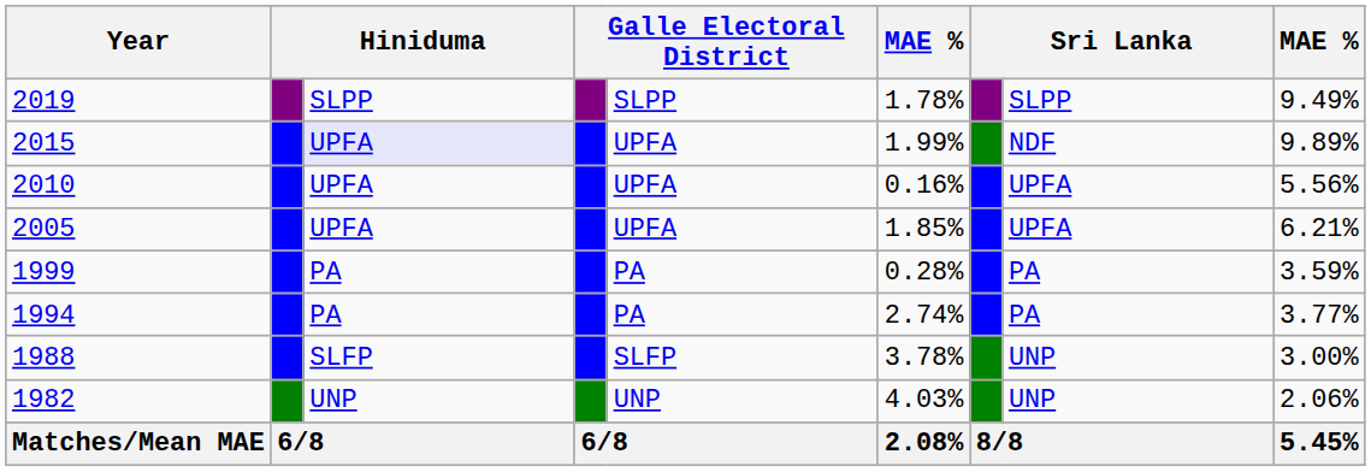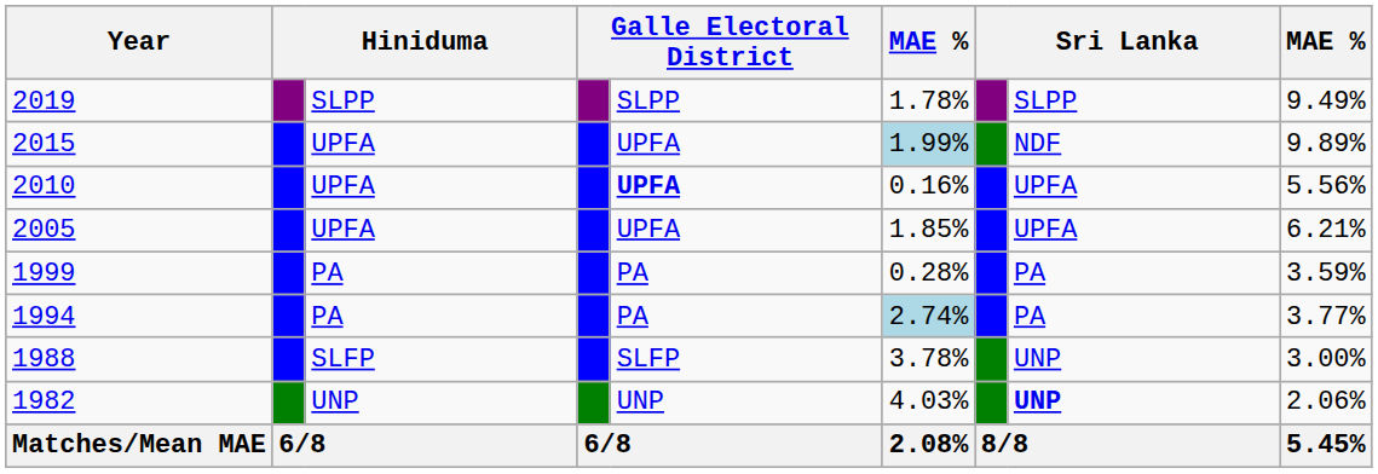 <table class="wikitable">
 <tr>
 <th>Year</th>
 <th colspan="2" width="144px">Hiniduma</th>
 <th colspan="2" width="144px"><a href='#'>Galle Electoral District</a></th>
 <th><a href='#'>MAE</a> %</th>
 <th colspan="2" width="144px">Sri Lanka</th>
 <th>MAE %</th>
 </tr>
 <tr>
 <td><a href='#'>2019</a></td>
 <td style="background-color:purple;" width="10px"></td>
 <td style="text-align:left;"><a href='#'>SLPP</a></td>
 <td style="background-color:purple;" width="10px"></td>
 <td style="text-align:left;"><a href='#'>SLPP</a></td>
 <td style="text-align:right;">1.78%</td>
 <td style="background-color:purple;" width="10px"></td>
 <td style="text-align:left;"><a href='#'>SLPP</a></td>
 <td style="text-align:right;">9.49%</td>
 </tr>
 <tr>
 <td><a href='#'>2015</a></td>
 <td style="background-color:blue;" width="10px"></td>
-<td style="background: lavender; text-align:left;"><a href='#'>UPFA</a></td>
+<td style="text-align:left;"><a href='#'>UPFA</a></td>
 <td style="background-color:blue;" width="10px"></td>
 <td style="text-align:left;"><a href='#'>UPFA</a></td>
-<td style="text-align:right;">1.99%</td>
+<td style="background: lightblue; text-align:right;">1.99%</td>
 <td style="background-color:green;" width="10px"></td>
 <td style="text-align:left;"><a href='#'>NDF</a></td>
 <td style="text-align:right;">9.89%</td>
 </tr>
 <tr>
 <td><a href='#'>2010</a></td>
 <td style="background-color:blue;" width="10px"></td>
 <td style="text-align:left;"><a href='#'>UPFA</a></td>
 <td style="background-color:blue;" width="10px"></td>
-<td style="text-align:left;"><a href='#'>UPFA</a></td>
+<td style="text-align:left;"><strong><a href='#'>UPFA</a></strong></td>
 <td style="text-align:right;">0.16%</td>
 <td style="background-color:blue;" width="10px"></td>
 <td style="text-align:left;"><a href='#'>UPFA</a></td>
 <td style="text-align:right;">5.56%</td>
 </tr>
 <tr>
 <td><a href='#'>2005</a></td>
 <td style="background-color:blue;" width="10px"></td>
 <td style="text-align:left;"><a href='#'>UPFA</a></td>
 <td style="background-color:blue;" width="10px"></td>
 <td style="text-align:left;"><a href='#'>UPFA</a></td>
 <td style="text-align:right;">1.85%</td>
 <td style="background-color:blue;" width="10px"></td>
 <td style="text-align:left;"><a href='#'>UPFA</a></td>
 <td style="text-align:right;">6.21%</td>
 </tr>
 <tr>
 <td><a href='#'>1999</a></td>
 <td style="background-color:blue;" width="10px"></td>
 <td style="text-align:left;"><a href='#'>PA</a></td>
 <td style="background-color:blue;" width="10px"></td>
 <td style="text-align:left;"><a href='#'>PA</a></td>
 <td style="text-align:right;">0.28%</td>
 <td style="background-color:blue;" width="10px"></td>
 <td style="text-align:left;"><a href='#'>PA</a></td>
 <td style="text-align:right;">3.59%</td>
 </tr>
 <tr>
 <td><a href='#'>1994</a></td>
 <td style="background-color:blue;" width="10px"></td>
 <td style="text-align:left;"><a href='#'>PA</a></td>
 <td style="background-color:blue;" width="10px"></td>
 <td style="text-align:left;"><a href='#'>PA</a></td>
-<td style="text-align:right;">2.74%</td>
+<td style="background: lightblue; text-align:right;">2.74%</td>
 <td style="background-color:blue;" width="10px"></td>
 <td style="text-align:left;"><a href='#'>PA</a></td>
 <td style="text-align:right;">3.77%</td>
 </tr>
 <tr>
 <td><a href='#'>1988</a></td>
 <td style="background-color:blue;" width="10px"></td>
 <td style="text-align:left;"><a href='#'>SLFP</a></td>
 <td style="background-color:blue;" width="10px"></td>
 <td style="text-align:left;"><a href='#'>SLFP</a></td>
 <td style="text-align:right;">3.78%</td>
 <td style="background-color:green;" width="10px"></td>
 <td style="text-align:left;"><a href='#'>UNP</a></td>
 <td style="text-align:right;">3.00%</td>
 </tr>
 <tr>
 <td><a href='#'>1982</a></td>
 <td style="background-color:green;" width="10px"></td>
 <td style="text-align:left;"><a href='#'>UNP</a></td>
 <td style="background-color:green;" width="10px"></td>
 <td style="text-align:left;"><a href='#'>UNP</a></td>
 <td style="text-align:right;">4.03%</td>
 <td style="background-color:green;" width="10px"></td>
-<td style="text-align:left;"><a href='#'>UNP</a></td>
+<td style="text-align:left;"><strong><a href='#'>UNP</a></strong></td>
 <td style="text-align:right;">2.06%</td>
 </tr>
 <tr>
 <th>Matches/Mean MAE</th>
 <th style="text-align:left;"colspan="2" width="144px">6/8</th>
 <th style="text-align:left;"colspan="2" width="144px">6/8</th>
 <th style="text-align:right;">2.08%</th>
 <th style="text-align:left;"colspan="2" width="144px">8/8</th>
 <th style="text-align:right;">5.45%</th>
 </tr>
 </table>
